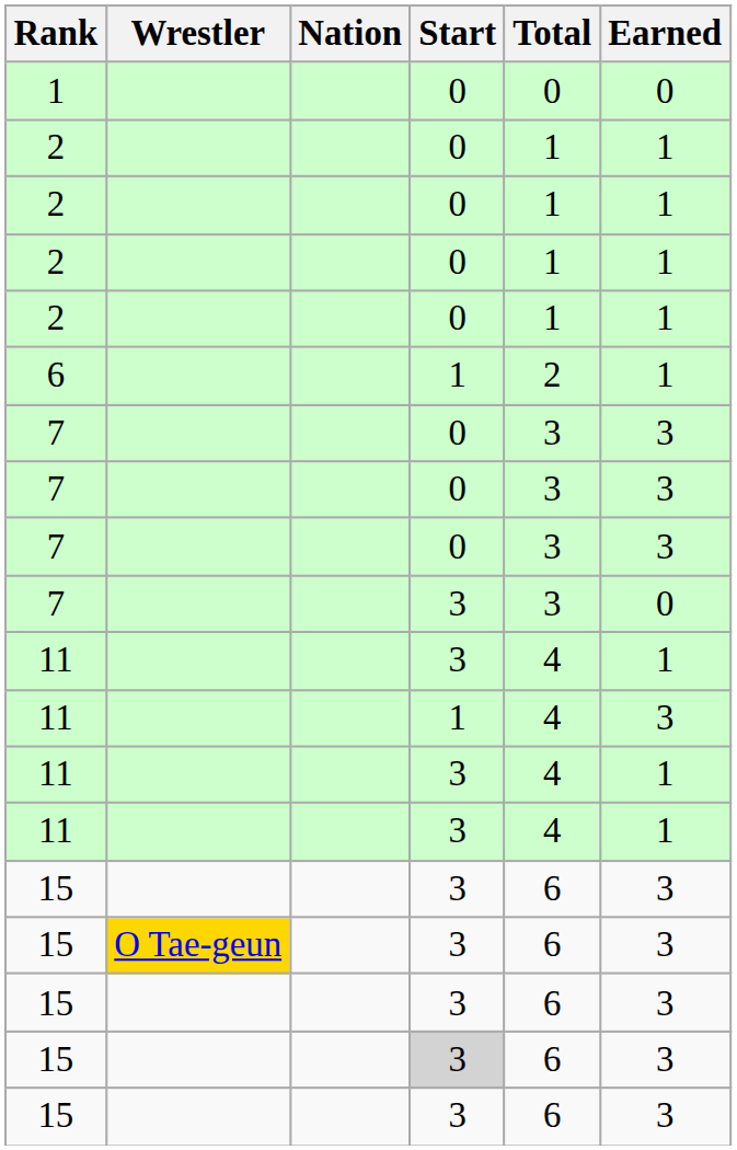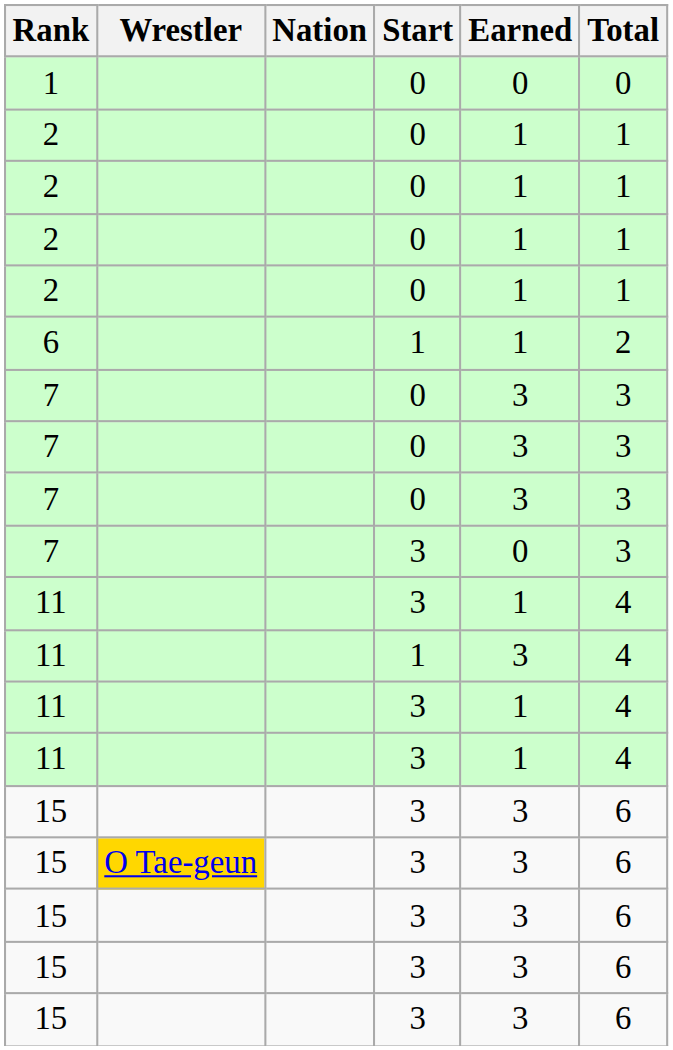 <table class="wikitable sortable" style="text-align:center;">
 <tr>
 <th>Rank</th>
 <th>Wrestler</th>
 <th>Nation</th>
 <th>Start</th>
+<th>Earned</th>
 <th>Total</th>
-<th>Earned</th>
 </tr>
 <tr style="background:#cfc;">
 <td>1</td>
 <td align=left></td>
 <td align=left></td>
 <td>0</td>
 <td>0</td>
 <td>0</td>
 </tr>
 <tr style="background:#cfc;">
 <td>2</td>
 <td align=left></td>
 <td align=left></td>
 <td>0</td>
 <td>1</td>
 <td>1</td>
 </tr>
 <tr style="background:#cfc;">
 <td>2</td>
 <td align=left></td>
 <td align=left></td>
 <td>0</td>
 <td>1</td>
 <td>1</td>
 </tr>
 <tr style="background:#cfc;">
 <td>2</td>
 <td align=left></td>
 <td align=left></td>
 <td>0</td>
 <td>1</td>
 <td>1</td>
 </tr>
 <tr style="background:#cfc;">
 <td>2</td>
 <td align=left></td>
 <td align=left></td>
 <td>0</td>
 <td>1</td>
 <td>1</td>
 </tr>
 <tr style="background:#cfc;">
 <td>6</td>
 <td align=left></td>
 <td align=left></td>
 <td>1</td>
+<td>1</td>
 <td>2</td>
-<td>1</td>
 </tr>
 <tr style="background:#cfc;">
 <td>7</td>
 <td align=left></td>
 <td align=left></td>
 <td>0</td>
 <td>3</td>
 <td>3</td>
 </tr>
 <tr style="background:#cfc;">
 <td>7</td>
 <td align=left></td>
 <td align=left></td>
 <td>0</td>
 <td>3</td>
 <td>3</td>
 </tr>
 <tr style="background:#cfc;">
 <td>7</td>
 <td align=left></td>
 <td align=left></td>
 <td>0</td>
 <td>3</td>
 <td>3</td>
 </tr>
 <tr style="background:#cfc;">
 <td>7</td>
 <td align=left></td>
 <td align=left></td>
 <td>3</td>
-<td>3</td>
 <td>0</td>
-</tr>
-<tr style="background:#cfc;">
-<td>11</td>
-<td align=left></td>
-<td align=left></td>
-<td>3</td>
-<td>4</td>
-<td>1</td>
-</tr>
-<tr style="background:#cfc;">
-<td>11</td>
-<td align=left></td>
-<td align=left></td>
-<td>1</td>
-<td>4</td>
 <td>3</td>
 </tr>
 <tr style="background:#cfc;">
 <td>11</td>
 <td align=left></td>
 <td align=left></td>
 <td>3</td>
+<td>1</td>
 <td>4</td>
+</tr>
+<tr style="background:#cfc;">
+<td>11</td>
+<td align=left></td>
+<td align=left></td>
 <td>1</td>
+<td>3</td>
+<td>4</td>
 </tr>
 <tr style="background:#cfc;">
 <td>11</td>
 <td align=left></td>
 <td align=left></td>
 <td>3</td>
+<td>1</td>
 <td>4</td>
+</tr>
+<tr style="background:#cfc;">
+<td>11</td>
+<td align=left></td>
+<td align=left></td>
+<td>3</td>
 <td>1</td>
+<td>4</td>
 </tr>
 <tr>
 <td>15</td>
 <td align=left></td>
 <td align=left></td>
 <td>3</td>
+<td>3</td>
 <td>6</td>
-<td>3</td>
 </tr>
 <tr>
 <td>15</td>
 <td align=left style="background: gold;"><a href='#'>O Tae-geun</a></td>
 <td align=left></td>
 <td>3</td>
+<td>3</td>
 <td>6</td>
-<td>3</td>
 </tr>
 <tr>
 <td>15</td>
 <td align=left></td>
 <td align=left></td>
 <td>3</td>
+<td>3</td>
 <td>6</td>
-<td>3</td>
-</tr>
-<tr>
-<td>15</td>
-<td align=left></td>
-<td align=left></td>
-<td style="background: lightgrey;">3</td>
-<td>6</td>
-<td>3</td>
 </tr>
 <tr>
 <td>15</td>
 <td align=left></td>
 <td align=left></td>
 <td>3</td>
+<td>3</td>
 <td>6</td>
+</tr>
+<tr>
+<td>15</td>
+<td align=left></td>
+<td align=left></td>
 <td>3</td>
+<td>3</td>
+<td>6</td>
 </tr>
 </table>
